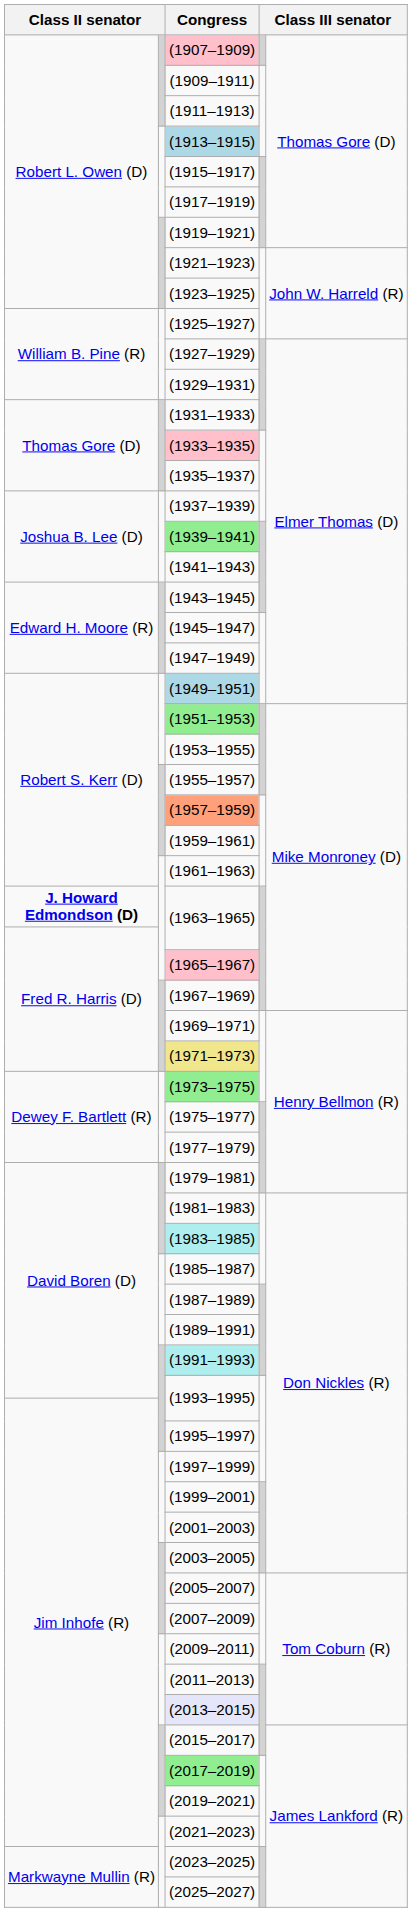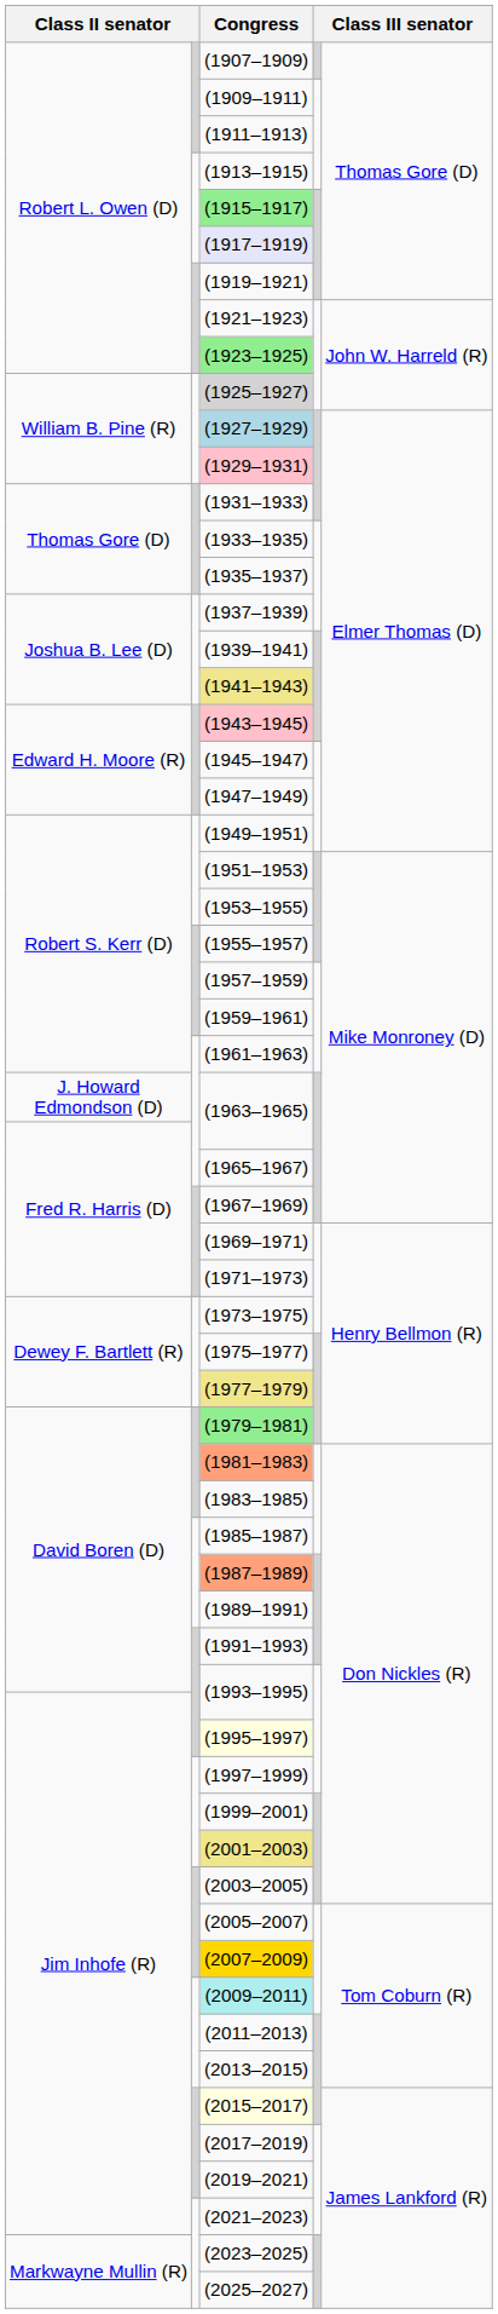 <table class="wikitable sticky-header">
 <tr style="height:2em" align="center">
 <th colspan="2">Class II senator</th>
 <th>Congress</th>
 <th colspan="2">Class III senator</th>
 </tr>
 <tr style="height:2em" align="center">
 <td rowspan="9" ><a href='#'>Robert L. Owen</a> (D)</td>
 <td rowspan="3" style="background: #D3D3D3"></td>
-<td style="background: pink;"><strong></strong> (1907–1909)</td>
+<td><strong></strong> (1907–1909)</td>
 <td style="background: #D3D3D3"></td>
 <td rowspan="7" ><a href='#'>Thomas Gore</a> (D)</td>
 </tr>
 <tr style="height:2em" align="center">
 <td><strong></strong> (1909–1911)</td>
 <td rowspan="3"></td>
 </tr>
 <tr style="height:2em" align="center">
 <td><strong></strong> (1911–1913)</td>
 </tr>
 <tr style="height:2em" align="center">
 <td rowspan="3"></td>
-<td style="background: lightblue;"><strong></strong> (1913–1915)</td>
+<td><strong></strong> (1913–1915)</td>
 </tr>
 <tr style="height:2em" align="center">
-<td><strong></strong> (1915–1917)</td>
+<td style="background: lightgreen;"><strong></strong> (1915–1917)</td>
 <td rowspan="3" style="background: #D3D3D3"></td>
 </tr>
 <tr style="height:2em" align="center">
-<td><strong></strong> (1917–1919)</td>
+<td style="background: lavender;"><strong></strong> (1917–1919)</td>
 </tr>
 <tr style="height:2em" align="center">
 <td rowspan="3" style="background: #D3D3D3"></td>
 <td><strong></strong> (1919–1921)</td>
 </tr>
 <tr style="height:2em" align="center">
 <td><strong></strong> (1921–1923)</td>
 <td rowspan="3"></td>
 <td rowspan="3" ><a href='#'>John W. Harreld</a> (R)</td>
 </tr>
 <tr style="height:2em" align="center">
-<td><strong></strong> (1923–1925)</td>
+<td style="background: lightgreen;"><strong></strong> (1923–1925)</td>
 </tr>
 <tr style="height:2em" align="center">
 <td rowspan="3" ><a href='#'>William B. Pine</a> (R)</td>
 <td rowspan="3"></td>
-<td><strong></strong> (1925–1927)</td>
+<td style="background: lightgrey;"><strong></strong> (1925–1927)</td>
 </tr>
 <tr style="height:2em" align="center">
-<td><strong></strong> (1927–1929)</td>
+<td style="background: lightblue;"><strong></strong> (1927–1929)</td>
 <td rowspan="3" style="background: #D3D3D3"></td>
 <td rowspan="12" ><a href='#'>Elmer Thomas</a> (D)</td>
 </tr>
 <tr style="height:2em" align="center">
-<td><strong></strong> (1929–1931)</td>
+<td style="background: pink;"><strong></strong> (1929–1931)</td>
 </tr>
 <tr style="height:2em" align="center">
 <td rowspan="3" ><a href='#'>Thomas Gore</a> (D)</td>
 <td rowspan="3" style="background: #D3D3D3"></td>
 <td><strong></strong> (1931–1933)</td>
 </tr>
 <tr style="height:2em" align="center">
-<td style="background: pink;"><strong></strong> (1933–1935)</td>
+<td><strong></strong> (1933–1935)</td>
 <td rowspan="3"></td>
 </tr>
 <tr style="height:2em" align="center">
 <td><strong></strong> (1935–1937)</td>
 </tr>
 <tr style="height:2em" align="center">
 <td rowspan="3" ><a href='#'>Joshua B. Lee</a> (D)</td>
 <td rowspan="3"></td>
 <td><strong></strong> (1937–1939)</td>
 </tr>
 <tr style="height:2em" align="center">
-<td style="background: lightgreen;"><strong></strong> (1939–1941)</td>
+<td><strong></strong> (1939–1941)</td>
 <td rowspan="3" style="background: #D3D3D3"></td>
 </tr>
 <tr style="height:2em" align="center">
-<td><strong></strong> (1941–1943)</td>
+<td style="background: khaki;"><strong></strong> (1941–1943)</td>
 </tr>
 <tr style="height:2em" align="center">
 <td rowspan="3" ><a href='#'>Edward H. Moore</a> (R)</td>
 <td rowspan="3" style="background: #D3D3D3"></td>
-<td><strong></strong> (1943–1945)</td>
+<td style="background: pink;"><strong></strong> (1943–1945)</td>
 </tr>
 <tr style="height:2em" align="center">
 <td><strong></strong> (1945–1947)</td>
 <td rowspan="3"></td>
 </tr>
 <tr style="height:2em" align="center">
 <td><strong></strong> (1947–1949)</td>
 </tr>
 <tr style="height:2em" align="center">
 <td rowspan="7" ><a href='#'>Robert S. Kerr</a> (D)</td>
 <td rowspan="3"></td>
-<td style="background: lightblue;"><strong></strong> (1949–1951)</td>
+<td><strong></strong> (1949–1951)</td>
 </tr>
 <tr style="height:2em" align="center">
-<td style="background: lightgreen;"><strong></strong> (1951–1953)</td>
+<td><strong></strong> (1951–1953)</td>
 <td rowspan="3" style="background: #D3D3D3"></td>
 <td rowspan="10" ><a href='#'>Mike Monroney</a> (D)</td>
 </tr>
 <tr style="height:2em" align="center">
 <td><strong></strong> (1953–1955)</td>
 </tr>
 <tr style="height:2em" align="center">
 <td rowspan="3" style="background: #D3D3D3"></td>
 <td><strong></strong> (1955–1957)</td>
 </tr>
 <tr style="height:2em" align="center">
-<td style="background: lightsalmon;"><strong></strong> (1957–1959)</td>
+<td><strong></strong> (1957–1959)</td>
 <td rowspan="3"></td>
 </tr>
 <tr style="height:2em" align="center">
 <td><strong></strong> (1959–1961)</td>
 </tr>
 <tr style="height:2em" align="center">
 <td rowspan="4"></td>
 <td><strong></strong> (1961–1963)</td>
 </tr>
 <tr style="height:2em" align="center">
-<td><strong><a href='#'>J. Howard<br>Edmondson</a> (D)</strong></td>
+<td><a href='#'>J. Howard<br>Edmondson</a> (D)</td>
 <td rowspan="2"><strong></strong> (1963–1965)</td>
 <td rowspan="4" style="background: #D3D3D3"></td>
 </tr>
 <tr style="height:1.5em" align="center">
 <td rowspan="5" ><a href='#'>Fred R. Harris</a> (D)</td>
 </tr>
 <tr style="height:2em" align="center">
-<td style="background: pink;"><strong></strong> (1965–1967)</td>
+<td><strong></strong> (1965–1967)</td>
 </tr>
 <tr style="height:2em" align="center">
 <td rowspan="3" style="background: #D3D3D3"></td>
 <td><strong></strong> (1967–1969)</td>
 </tr>
 <tr style="height:2em" align="center">
 <td><strong></strong> (1969–1971)</td>
 <td rowspan="3"></td>
 <td rowspan="6" ><a href='#'>Henry Bellmon</a> (R)</td>
 </tr>
 <tr style="height:2em" align="center">
-<td style="background: khaki;"><strong></strong> (1971–1973)</td>
+<td><strong></strong> (1971–1973)</td>
 </tr>
 <tr style="height:2em" align="center">
 <td rowspan="3" ><a href='#'>Dewey F. Bartlett</a> (R)</td>
 <td rowspan="3"></td>
-<td style="background: lightgreen;"><strong></strong> (1973–1975)</td>
+<td><strong></strong> (1973–1975)</td>
 </tr>
 <tr style="height:2em" align="center">
 <td><strong></strong> (1975–1977)</td>
 <td rowspan="3" style="background: #D3D3D3"></td>
 </tr>
 <tr style="height:2em" align="center">
-<td><strong></strong> (1977–1979)</td>
+<td style="background: khaki;"><strong></strong> (1977–1979)</td>
 </tr>
 <tr style="height:2em" align="center">
 <td rowspan="8" ><a href='#'>David Boren</a> (D)</td>
 <td rowspan="3" style="background: #D3D3D3"></td>
-<td><strong></strong> (1979–1981)</td>
+<td style="background: lightgreen;"><strong></strong> (1979–1981)</td>
 </tr>
 <tr style="height:2em" align="center">
-<td><strong></strong> (1981–1983)</td>
+<td style="background: lightsalmon;"><strong></strong> (1981–1983)</td>
 <td rowspan="3"></td>
 <td rowspan="13" ><a href='#'>Don Nickles</a> (R)</td>
 </tr>
 <tr style="height:2em" align="center">
-<td style="background: paleturquoise;"><strong></strong> (1983–1985)</td>
+<td><strong></strong> (1983–1985)</td>
 </tr>
 <tr style="height:2em" align="center">
 <td rowspan="3"></td>
 <td><strong></strong> (1985–1987)</td>
 </tr>
 <tr style="height:2em" align="center">
-<td><strong></strong> (1987–1989)</td>
+<td style="background: lightsalmon;"><strong></strong> (1987–1989)</td>
 <td rowspan="3" style="background: #D3D3D3"></td>
 </tr>
 <tr style="height:2em" align="center">
 <td><strong></strong> (1989–1991)</td>
 </tr>
 <tr style="height:2em" align="center">
 <td rowspan="4" style="background: #D3D3D3"></td>
-<td style="background: paleturquoise;"><strong></strong> (1991–1993)</td>
+<td><strong></strong> (1991–1993)</td>
 </tr>
 <tr style="height:1.5em" align="center">
 <td rowspan="2"><strong></strong> (1993–1995)</td>
 <td rowspan="4"></td>
 </tr>
 <tr style="height:1.5em" align="center">
 <td rowspan="15" ><a href='#'>Jim Inhofe</a> (R)</td>
 </tr>
 <tr style="height:2em" align="center">
-<td><strong></strong> (1995–1997)</td>
+<td style="background: lightyellow;"><strong></strong> (1995–1997)</td>
 </tr>
 <tr style="height:2em" align="center">
 <td rowspan="3"></td>
 <td><strong></strong> (1997–1999)</td>
 </tr>
 <tr style="height:2em" align="center">
 <td><strong></strong> (1999–2001)</td>
 <td rowspan="3" style="background: #D3D3D3"></td>
 </tr>
 <tr style="height:2em" align="center">
-<td><strong></strong> (2001–2003)</td>
+<td style="background: khaki;"><strong></strong> (2001–2003)</td>
 </tr>
 <tr style="height:2em" align="center">
 <td rowspan="3" style="background: #D3D3D3"></td>
 <td><strong></strong> (2003–2005)</td>
 </tr>
 <tr style="height:2em" align="center">
 <td><strong></strong> (2005–2007)</td>
 <td rowspan="3"></td>
 <td rowspan="5" ><a href='#'>Tom Coburn</a> (R)</td>
 </tr>
 <tr style="height:2em" align="center">
-<td><strong></strong> (2007–2009)</td>
+<td style="background: gold;"><strong></strong> (2007–2009)</td>
 </tr>
 <tr style="height:2em" align="center">
 <td rowspan="3"></td>
-<td><strong></strong> (2009–2011)</td>
+<td style="background: paleturquoise;"><strong></strong> (2009–2011)</td>
 </tr>
 <tr style="height:2em" align="center">
 <td><strong></strong> (2011–2013)</td>
 <td rowspan="3" style="background: #D3D3D3"></td>
 </tr>
 <tr style="height:2em" align="center">
-<td style="background: lavender;"><strong></strong> (2013–2015)</td>
+<td><strong></strong> (2013–2015)</td>
 </tr>
 <tr style="height:2em" align="center">
 <td rowspan="3" style="background: #D3D3D3"></td>
-<td><strong></strong> (2015–2017)</td>
+<td style="background: lightyellow;"><strong></strong> (2015–2017)</td>
 <td rowspan="6" ><a href='#'>James Lankford</a> (R)</td>
 </tr>
 <tr style="height:2em" align="center">
-<td style="background: lightgreen;"><strong></strong> (2017–2019)</td>
+<td><strong></strong> (2017–2019)</td>
 <td rowspan="3"></td>
 </tr>
 <tr style="height:2em" align="center">
 <td><strong></strong> (2019–2021)</td>
 </tr>
 <tr style="height:2em" align="center">
 <td rowspan="3"></td>
 <td><strong></strong> (2021–2023)</td>
 </tr>
 <tr style="height:2em" align="center">
 <td rowspan="2" ><a href='#'>Markwayne Mullin</a> (R)</td>
 <td><strong></strong> (2023–2025)</td>
 <td rowspan="2" style="background: #D3D3D3"></td>
 </tr>
 <tr style="height:2em" align="center">
 <td><strong></strong> (2025–2027)</td>
 </tr>
 </table>
